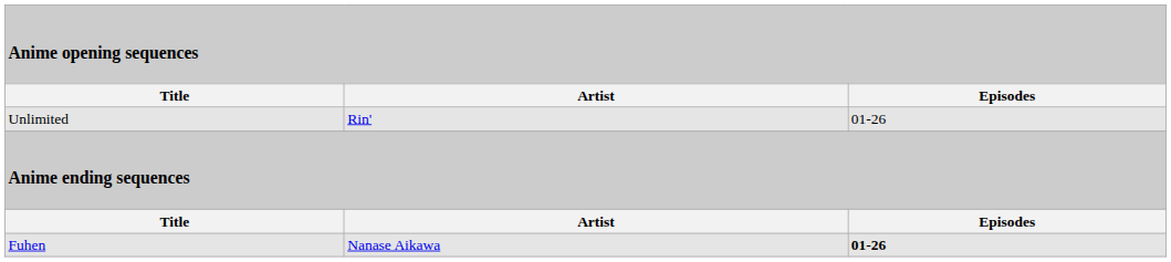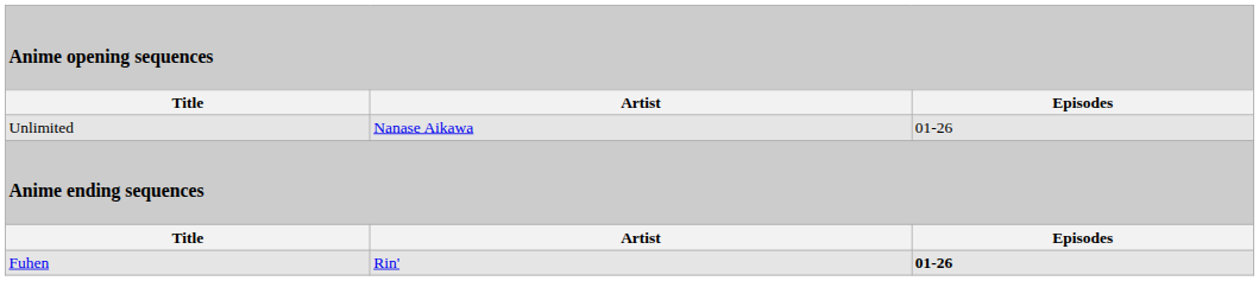 <table class="wikitable" style="width:99%;">
 <tr style="background:#ccc;">
 <td colspan="3"><br><h3>Anime opening sequences</h3></td>
 </tr>
 <tr>
 <th>Title</th>
 <th>Artist</th>
 <th>Episodes</th>
 </tr>
 <tr style="background:#e5e5e5;">
 <td>Unlimited</td>
-<td><a href='#'>Rin'</a></td>
+<td><a href='#'>Nanase Aikawa</a></td>
 <td>01-26</td>
 </tr>
 <tr style="background:#ccc;">
 <td colspan="3"><br><h3>Anime ending sequences</h3></td>
 </tr>
 <tr>
 <th>Title</th>
 <th>Artist</th>
 <th>Episodes</th>
 </tr>
 <tr style="background:#e5e5e5;">
 <td><a href='#'>Fuhen</a></td>
-<td><a href='#'>Nanase Aikawa</a></td>
+<td><a href='#'>Rin'</a></td>
 <td><strong>01-26</strong></td>
 </tr>
 </table>
